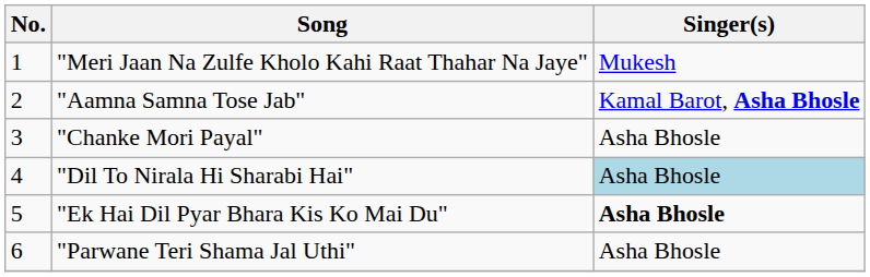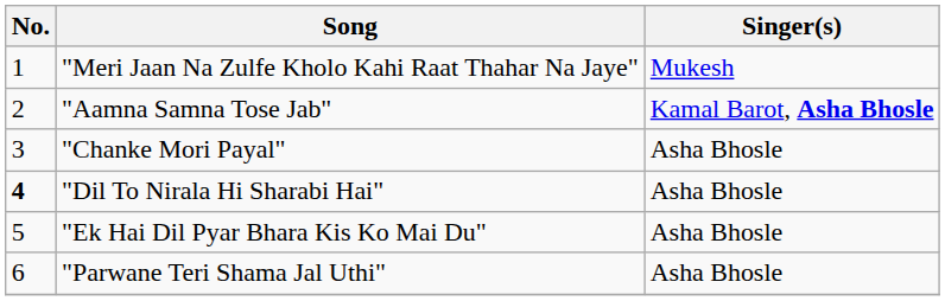 <table class="wikitable">
 <tr>
 <th>No.</th>
 <th>Song</th>
 <th>Singer(s)</th>
 </tr>
 <tr>
 <td>1</td>
 <td>"Meri Jaan Na Zulfe Kholo Kahi Raat Thahar Na Jaye"</td>
 <td><a href='#'>Mukesh</a></td>
 </tr>
 <tr>
 <td>2</td>
 <td>"Aamna Samna Tose Jab"</td>
 <td><a href='#'>Kamal Barot</a>, <strong><a href='#'>Asha Bhosle</a></strong></td>
 </tr>
 <tr>
 <td>3</td>
 <td>"Chanke Mori Payal"</td>
 <td>Asha Bhosle</td>
 </tr>
 <tr>
-<td>4</td>
+<td><strong>4</strong></td>
 <td>"Dil To Nirala Hi Sharabi Hai"</td>
-<td style="background: lightblue;">Asha Bhosle</td>
+<td>Asha Bhosle</td>
 </tr>
 <tr>
 <td>5</td>
 <td>"Ek Hai Dil Pyar Bhara Kis Ko Mai Du"</td>
-<td><strong>Asha Bhosle</strong></td>
+<td>Asha Bhosle</td>
 </tr>
 <tr>
 <td>6</td>
 <td>"Parwane Teri Shama Jal Uthi"</td>
 <td>Asha Bhosle</td>
 </tr>
 <tr>
 </tr>
 </table>
